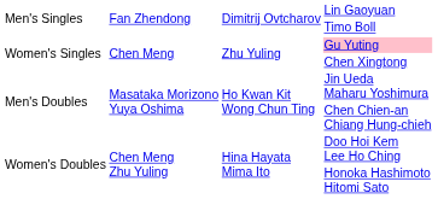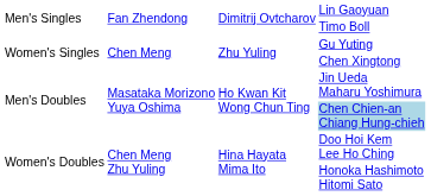 <table>
 <tr>
 <td rowspan=2>Men's Singles <br></td>
 <td rowspan=2> <a href='#'>Fan Zhendong</a></td>
 <td rowspan=2> <a href='#'>Dimitrij Ovtcharov</a></td>
 <td> <a href='#'>Lin Gaoyuan</a></td>
 </tr>
 <tr>
 <td> <a href='#'>Timo Boll</a></td>
 </tr>
 <tr>
 <td rowspan=2>Women's Singles <br></td>
 <td rowspan=2> <a href='#'>Chen Meng</a></td>
 <td rowspan=2> <a href='#'>Zhu Yuling</a></td>
-<td style="background: pink;"> <a href='#'>Gu Yuting</a></td>
+<td> <a href='#'>Gu Yuting</a></td>
 </tr>
 <tr>
 <td> <a href='#'>Chen Xingtong</a></td>
 </tr>
 <tr>
 <td rowspan=2>Men's Doubles <br></td>
 <td rowspan=2> <a href='#'>Masataka Morizono</a><br> <a href='#'>Yuya Oshima</a></td>
 <td rowspan=2> <a href='#'>Ho Kwan Kit</a><br> <a href='#'>Wong Chun Ting</a></td>
 <td> <a href='#'>Jin Ueda</a><br> <a href='#'>Maharu Yoshimura</a></td>
 </tr>
 <tr>
-<td> <a href='#'>Chen Chien-an</a><br> <a href='#'>Chiang Hung-chieh</a></td>
+<td style="background: lightblue;"> <a href='#'>Chen Chien-an</a><br> <a href='#'>Chiang Hung-chieh</a></td>
 </tr>
 <tr>
 <td rowspan=2>Women's Doubles <br></td>
 <td rowspan=2> <a href='#'>Chen Meng</a><br> <a href='#'>Zhu Yuling</a></td>
 <td rowspan=2> <a href='#'>Hina Hayata</a><br> <a href='#'>Mima Ito</a></td>
 <td> <a href='#'>Doo Hoi Kem</a><br> <a href='#'>Lee Ho Ching</a></td>
 </tr>
 <tr>
 <td> <a href='#'>Honoka Hashimoto</a><br> <a href='#'>Hitomi Sato</a></td>
 </tr>
 </table>
